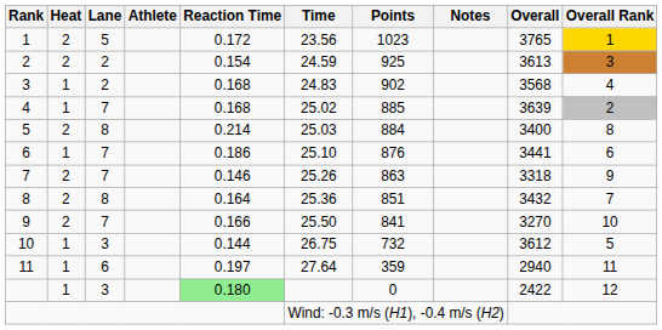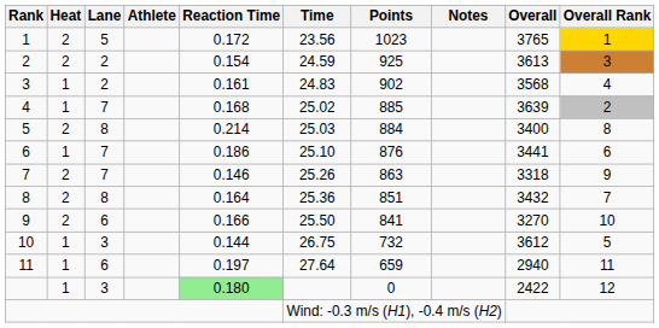 <table class="wikitable sortable" style="text-align:center">
 <tr>
 <th>Rank</th>
 <th>Heat</th>
 <th>Lane</th>
 <th>Athlete</th>
 <th>Reaction Time</th>
 <th>Time</th>
 <th>Points</th>
 <th>Notes</th>
 <th>Overall</th>
 <th>Overall Rank</th>
 </tr>
 <tr>
 <td>1</td>
 <td>2</td>
 <td>5</td>
 <td align="left"></td>
 <td>0.172</td>
 <td>23.56</td>
 <td>1023</td>
 <td></td>
 <td>3765</td>
 <td style="background-color:#ffd700">1</td>
 </tr>
 <tr>
 <td>2</td>
 <td>2</td>
 <td>2</td>
 <td align="left"></td>
 <td>0.154</td>
 <td>24.59</td>
 <td>925</td>
 <td></td>
 <td>3613</td>
 <td style="background-color:#cd7f32">3</td>
 </tr>
 <tr>
 <td>3</td>
 <td>1</td>
 <td>2</td>
 <td align="left"></td>
-<td>0.168</td>
+<td>0.161</td>
 <td>24.83</td>
 <td>902</td>
 <td></td>
 <td>3568</td>
 <td>4</td>
 </tr>
 <tr>
 <td>4</td>
 <td>1</td>
 <td>7</td>
 <td align="left"></td>
 <td>0.168</td>
 <td>25.02</td>
 <td>885</td>
 <td></td>
 <td>3639</td>
 <td style="background-color:#c0c0c0">2</td>
 </tr>
 <tr>
 <td>5</td>
 <td>2</td>
 <td>8</td>
 <td align="left"></td>
 <td>0.214</td>
 <td>25.03</td>
 <td>884</td>
 <td></td>
 <td>3400</td>
 <td>8</td>
 </tr>
 <tr>
 <td>6</td>
 <td>1</td>
 <td>7</td>
 <td align="left"></td>
 <td>0.186</td>
 <td>25.10</td>
 <td>876</td>
 <td></td>
 <td>3441</td>
 <td>6</td>
 </tr>
 <tr>
 <td>7</td>
 <td>2</td>
 <td>7</td>
 <td align="left"></td>
 <td>0.146</td>
 <td>25.26</td>
 <td>863</td>
 <td></td>
 <td>3318</td>
 <td>9</td>
 </tr>
 <tr>
 <td>8</td>
 <td>2</td>
 <td>8</td>
 <td align="left"></td>
 <td>0.164</td>
 <td>25.36</td>
 <td>851</td>
 <td></td>
 <td>3432</td>
 <td>7</td>
 </tr>
 <tr>
 <td>9</td>
 <td>2</td>
-<td>7</td>
+<td>6</td>
 <td align="left"></td>
 <td>0.166</td>
 <td>25.50</td>
 <td>841</td>
 <td></td>
 <td>3270</td>
 <td>10</td>
 </tr>
 <tr>
 <td>10</td>
 <td>1</td>
 <td>3</td>
 <td align="left"></td>
 <td>0.144</td>
 <td>26.75</td>
 <td>732</td>
 <td></td>
 <td>3612</td>
 <td>5</td>
 </tr>
 <tr>
 <td>11</td>
 <td>1</td>
 <td>6</td>
 <td align="left"></td>
 <td>0.197</td>
 <td>27.64</td>
-<td>359</td>
+<td>659</td>
 <td></td>
 <td>2940</td>
 <td>11</td>
 </tr>
 <tr>
 <td></td>
 <td>1</td>
 <td>3</td>
 <td align="left"></td>
 <td style="background: lightgreen;">0.180</td>
 <td></td>
 <td>0</td>
 <td></td>
 <td>2422</td>
 <td>12</td>
 </tr>
 <tr class="sortbottom">
 <td colspan=5></td>
 <td colspan="3" style="text-align:left;">Wind: -0.3 m/s (<em>H1</em>), -0.4 m/s (<em>H2</em>)</td>
 </tr>
 </table>
